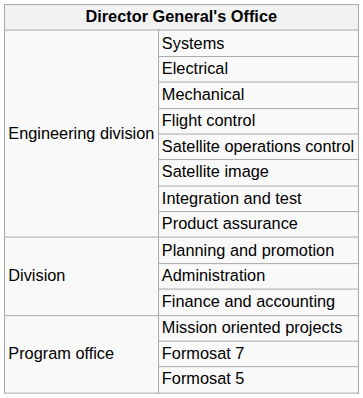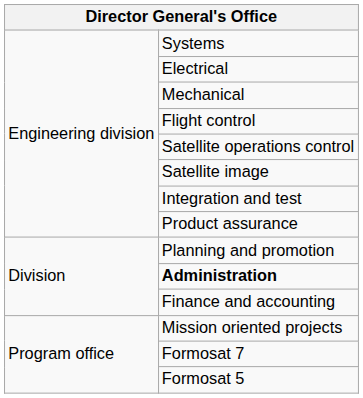 <table class="wikitable">
 <tr>
 <th colspan="2">Director General's Office</th>
 </tr>
 <tr>
 <td rowspan="8">Engineering division</td>
 <td>Systems</td>
 </tr>
 <tr>
 <td>Electrical</td>
 </tr>
 <tr>
 <td>Mechanical</td>
 </tr>
 <tr>
 <td>Flight control</td>
 </tr>
 <tr>
 <td>Satellite operations control</td>
 </tr>
 <tr>
 <td>Satellite image</td>
 </tr>
 <tr>
 <td>Integration and test</td>
 </tr>
 <tr>
 <td>Product assurance</td>
 </tr>
 <tr>
 <td rowspan="3">Division</td>
 <td>Planning and promotion</td>
 </tr>
 <tr>
-<td>Administration</td>
+<td><strong>Administration</strong></td>
 </tr>
 <tr>
 <td>Finance and accounting</td>
 </tr>
 <tr>
 <td rowspan="3">Program office</td>
 <td>Mission oriented projects</td>
 </tr>
 <tr>
 <td>Formosat 7</td>
 </tr>
 <tr>
 <td>Formosat 5</td>
 </tr>
 </table>
